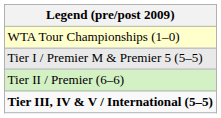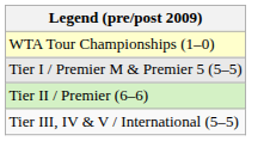 <table class=wikitable style="font-size:90%">
 <tr>
 <th>Legend (pre/post 2009)</th>
 </tr>
 <tr>
 <td bgcolor=#ffffcc>WTA Tour Championships (1–0)</td>
 </tr>
 <tr>
 <td bgcolor=#e9e9e9>Tier I / Premier M & Premier 5 (5–5)</td>
 </tr>
 <tr>
 <td bgcolor=#d4f1c5>Tier II / Premier (6–6)</td>
 </tr>
 <tr>
-<td><strong>Tier III, IV & V / International (5–5)</strong></td>
+<td>Tier III, IV & V / International (5–5)</td>
 </tr>
 </table>
